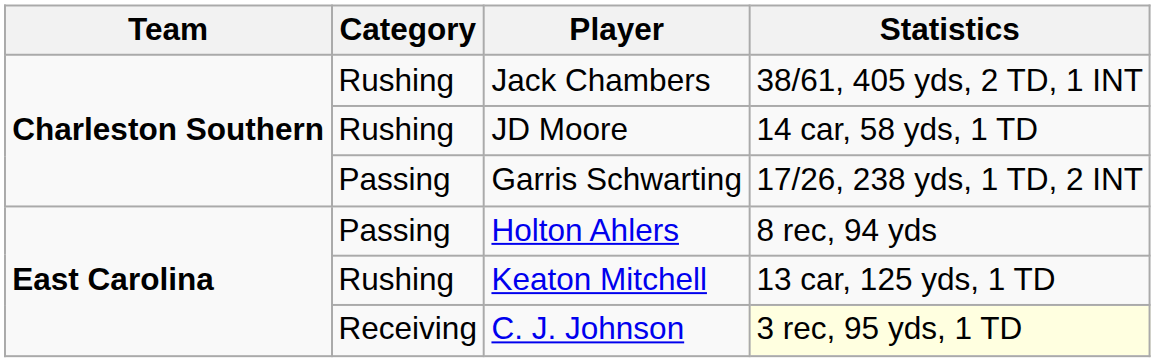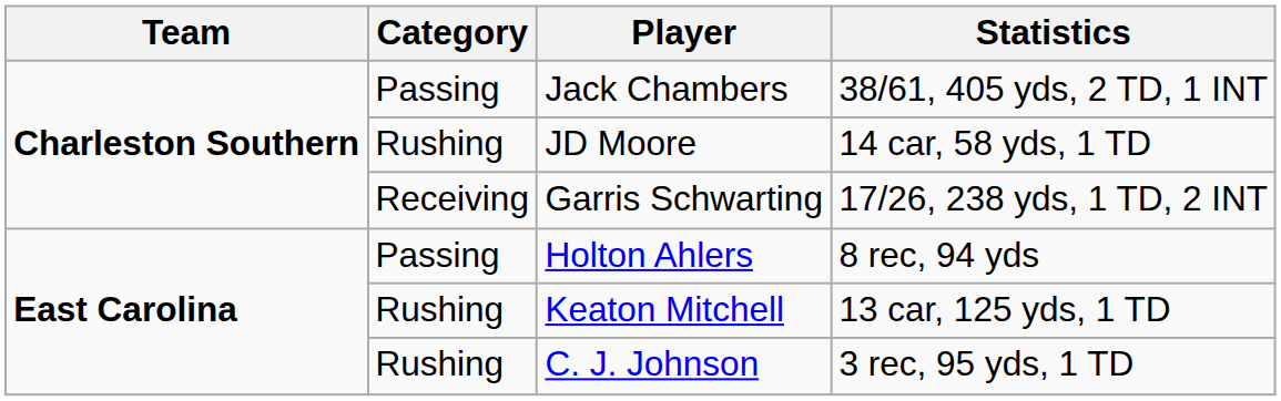 <table class="wikitable" style="float: left;">
 <tr>
 <th>Team</th>
 <th>Category</th>
 <th>Player</th>
 <th>Statistics</th>
 </tr>
 <tr>
 <td rowspan=3><strong>Charleston Southern</strong></td>
-<td>Rushing</td>
+<td>Passing</td>
 <td>Jack Chambers</td>
 <td>38/61, 405 yds, 2 TD, 1 INT</td>
 </tr>
 <tr>
 <td>Rushing</td>
 <td>JD Moore</td>
 <td>14 car, 58 yds, 1 TD</td>
 </tr>
 <tr>
-<td>Passing</td>
+<td>Receiving</td>
 <td>Garris Schwarting</td>
 <td>17/26, 238 yds, 1 TD, 2 INT</td>
 </tr>
 <tr>
 <td rowspan=3><strong>East Carolina</strong></td>
 <td>Passing</td>
 <td><a href='#'>Holton Ahlers</a></td>
 <td>8 rec, 94 yds</td>
 </tr>
 <tr>
 <td>Rushing</td>
 <td><a href='#'>Keaton Mitchell</a></td>
 <td>13 car, 125 yds, 1 TD</td>
 </tr>
 <tr>
-<td>Receiving</td>
+<td>Rushing</td>
 <td><a href='#'>C. J. Johnson</a></td>
-<td style="background: lightyellow;">3 rec, 95 yds, 1 TD</td>
+<td>3 rec, 95 yds, 1 TD</td>
 </tr>
 </table>
